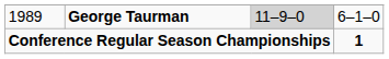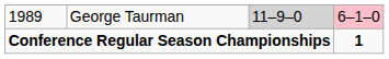 <table class="wikitable" style="font-size:100%;" style="text-align:center;">
 <tr>
 </tr>
 <tr>
 <td>1989</td>
-<td><strong>George Taurman</strong></td>
+<td>George Taurman</td>
 <td style="background: lightgrey;">11–9–0</td>
-<td>6–1–0</td>
+<td style="background: pink;">6–1–0</td>
 </tr>
 <tr style="text-align:center; ">
 <td colspan="3"><strong>Conference Regular Season Championships</strong></td>
 <td colspan="1"><strong>1</strong></td>
 </tr>
 </table>
